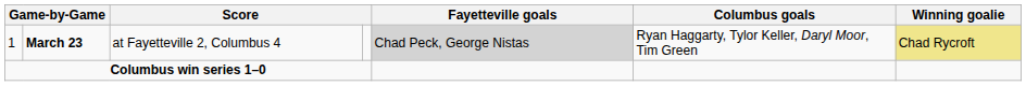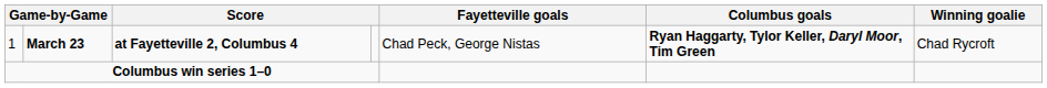 <table class="wikitable">
 <tr>
 <th width=10% colspan=2>Game-by-Game</th>
 <th width=25% colspan=2>Score</th>
 <th width=25%>Fayetteville goals</th>
 <th width=25%>Columbus goals</th>
 <th width=12%>Winning goalie</th>
 </tr>
 <tr>
 <td>1</td>
 <td><strong>March 23</strong></td>
-<td>at Fayetteville 2, Columbus 4</td>
+<td><strong>at Fayetteville 2, Columbus 4</strong></td>
 <td></td>
-<td style="background: lightgrey;">Chad Peck, George Nistas</td>
-<td>Ryan Haggarty, Tylor Keller, <em>Daryl Moor</em>, Tim Green</td>
-<td style="background: khaki;">Chad Rycroft</td>
+<td>Chad Peck, George Nistas</td>
+<td><strong>Ryan Haggarty, Tylor Keller, <em>Daryl Moor</em>, Tim Green</strong></td>
+<td>Chad Rycroft</td>
 </tr>
 <tr>
 <td colspan=4 align="center"><strong>Columbus win series 1–0</strong></td>
 <td></td>
 <td></td>
 </tr>
 </table>
